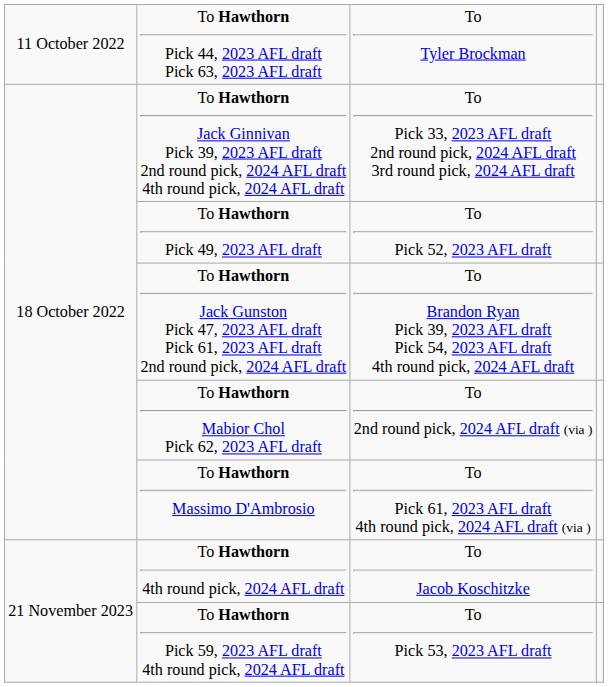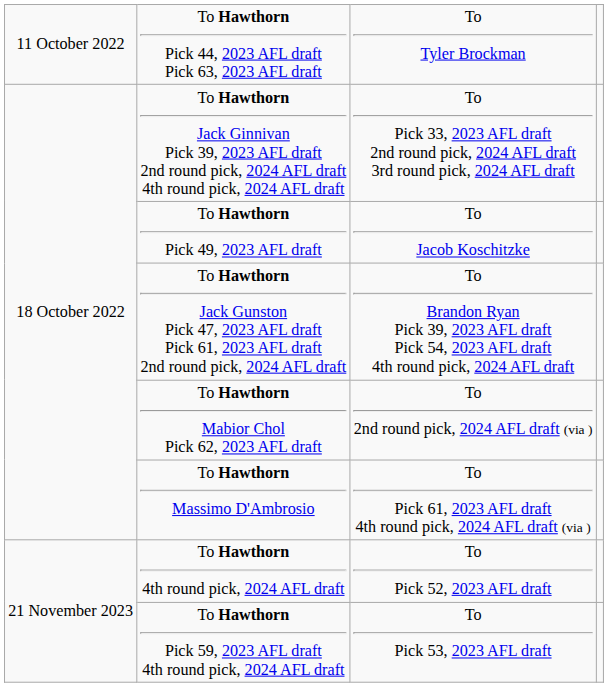 <table class="wikitable" style="text-align:center;">
 <tr>
 <td>11 October 2022</td>
 <td style="vertical-align:top;">To <strong>Hawthorn</strong> <hr> Pick 44, <a href='#'>2023 AFL draft</a> <br> Pick 63, <a href='#'>2023 AFL draft</a></td>
 <td style="vertical-align:top;">To <strong></strong> <hr> <a href='#'>Tyler Brockman</a></td>
 <td></td>
 </tr>
 <tr>
 <td rowspan=5>18 October 2022</td>
 <td style=veritcal-align:top>To <strong>Hawthorn</strong> <hr> <a href='#'>Jack Ginnivan</a> <br> Pick 39, <a href='#'>2023 AFL draft</a> <br> 2nd round pick, <a href='#'>2024 AFL draft</a> <br> 4th round pick, <a href='#'>2024 AFL draft</a></td>
 <td style=vertical-align:top>To  <hr> Pick 33, <a href='#'>2023 AFL draft</a> <br> 2nd round pick, <a href='#'>2024 AFL draft</a> <br> 3rd round pick, <a href='#'>2024 AFL draft</a></td>
 <td></td>
 </tr>
 <tr>
 <td style=vertical-align:top>To <strong>Hawthorn</strong> <hr> Pick 49, <a href='#'>2023 AFL draft</a></td>
-<td style=vertical-align:top>To  <hr> Pick 52, <a href='#'>2023 AFL draft</a></td>
+<td style=vertical-align:top>To  <hr> <a href='#'>Jacob Koschitzke</a></td>
 <td></td>
 </tr>
 <tr>
 <td style=vertical-align:top>To <strong>Hawthorn</strong> <hr> <a href='#'>Jack Gunston</a> <br> Pick 47, <a href='#'>2023 AFL draft</a> <br> Pick 61, <a href='#'>2023 AFL draft</a> <br> 2nd round pick, <a href='#'>2024 AFL draft</a></td>
 <td style=vertical-align:top>To  <hr> <a href='#'>Brandon Ryan</a> <br> Pick 39, <a href='#'>2023 AFL draft</a> <br> Pick 54, <a href='#'>2023 AFL draft</a> <br> 4th round pick, <a href='#'>2024 AFL draft</a></td>
 <td></td>
 </tr>
 <tr>
 <td style=vertical-align:top>To <strong>Hawthorn</strong> <hr> <a href='#'>Mabior Chol</a> <br> Pick 62, <a href='#'>2023 AFL draft</a></td>
 <td style=vertical-align:top>To  <hr> 2nd round pick, <a href='#'>2024 AFL draft</a> <small>(via )</small></td>
 <td></td>
 </tr>
 <tr>
 <td style=vertical-align:top>To <strong>Hawthorn</strong> <hr> <a href='#'>Massimo D'Ambrosio</a></td>
 <td style=vertical-align:top>To  <hr> Pick 61, <a href='#'>2023 AFL draft</a> <br> 4th round pick, <a href='#'>2024 AFL draft</a> <small>(via )</small></td>
 <td></td>
 </tr>
 <tr>
 <td rowspan=2>21 November 2023</td>
 <td style=vertical-align:top>To <strong>Hawthorn</strong> <hr> 4th round pick, <a href='#'>2024 AFL draft</a></td>
-<td style=vertical-align:top>To  <hr> <a href='#'>Jacob Koschitzke</a></td>
+<td style=vertical-align:top>To  <hr> Pick 52, <a href='#'>2023 AFL draft</a></td>
 <td></td>
 </tr>
 <tr>
 <td style=vertical-align:top>To <strong>Hawthorn</strong> <hr> Pick 59, <a href='#'>2023 AFL draft</a> <br> 4th round pick, <a href='#'>2024 AFL draft</a></td>
 <td style=vertical-align:top>To  <hr> Pick 53, <a href='#'>2023 AFL draft</a></td>
 <td></td>
 </tr>
 </table>
